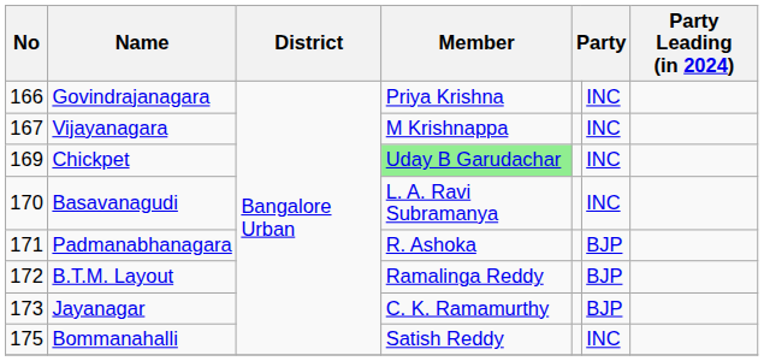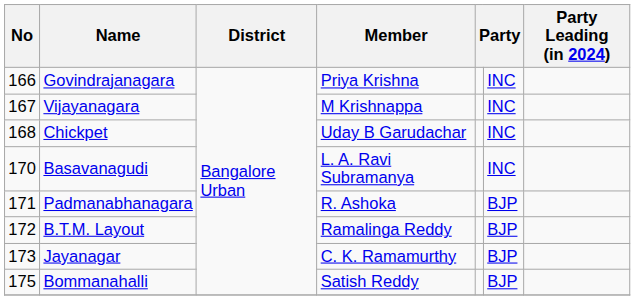 <table class="wikitable">
 <tr>
 <th>No</th>
 <th>Name</th>
 <th>District</th>
 <th>Member</th>
 <th colspan="2">Party</th>
 <th colspan="2">Party Leading<br>(in <a href='#'>2024</a>)</th>
 </tr>
 <tr>
 <td>166</td>
 <td><a href='#'>Govindrajanagara</a></td>
 <td rowspan="8"><a href='#'>Bangalore Urban</a></td>
 <td><a href='#'>Priya Krishna</a></td>
 <td></td>
 <td><a href='#'>INC</a></td>
 <td></td>
 </tr>
 <tr>
 <td>167</td>
 <td><a href='#'>Vijayanagara</a></td>
 <td><a href='#'>M Krishnappa</a></td>
 <td></td>
 <td><a href='#'>INC</a></td>
 <td></td>
 </tr>
 <tr>
-<td>169</td>
+<td>168</td>
 <td><a href='#'>Chickpet</a></td>
-<td style="background: lightgreen;"><a href='#'>Uday B Garudachar</a></td>
+<td><a href='#'>Uday B Garudachar</a></td>
 <td></td>
 <td><a href='#'>INC</a></td>
 <td></td>
 </tr>
 <tr>
 <td>170</td>
 <td><a href='#'>Basavanagudi</a></td>
 <td><a href='#'>L. A. Ravi Subramanya</a></td>
 <td></td>
 <td><a href='#'>INC</a></td>
 <td></td>
 </tr>
 <tr>
 <td>171</td>
 <td><a href='#'>Padmanabhanagara</a></td>
 <td><a href='#'>R. Ashoka</a></td>
 <td></td>
 <td><a href='#'>BJP</a></td>
 <td></td>
 </tr>
 <tr>
 <td>172</td>
 <td><a href='#'>B.T.M. Layout</a></td>
 <td><a href='#'>Ramalinga Reddy</a></td>
 <td></td>
 <td><a href='#'>BJP</a></td>
 <td></td>
 </tr>
 <tr>
 <td>173</td>
 <td><a href='#'>Jayanagar</a></td>
 <td><a href='#'>C. K. Ramamurthy</a></td>
 <td></td>
 <td><a href='#'>BJP</a></td>
 <td></td>
 </tr>
 <tr>
 <td>175</td>
 <td><a href='#'>Bommanahalli</a></td>
 <td><a href='#'>Satish Reddy</a></td>
 <td></td>
-<td><a href='#'>INC</a></td>
+<td><a href='#'>BJP</a></td>
 <td></td>
 </tr>
 <tr>
 </tr>
 </table>
